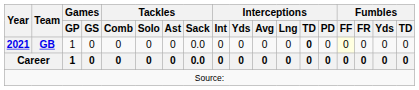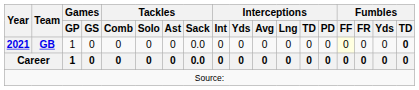 <table class="wikitable" style="text-align:center;">
 <tr>
 <th rowspan="2">Year</th>
 <th rowspan="2">Team</th>
 <th colspan="2">Games</th>
 <th colspan="4">Tackles</th>
 <th colspan="6">Interceptions</th>
 <th colspan="4">Fumbles</th>
 </tr>
 <tr>
 <th>GP</th>
 <th>GS</th>
 <th>Comb</th>
 <th>Solo</th>
 <th>Ast</th>
 <th>Sack</th>
 <th>Int</th>
 <th>Yds</th>
 <th>Avg</th>
 <th>Lng</th>
 <th>TD</th>
 <th>PD</th>
 <th>FF</th>
 <th>FR</th>
 <th>Yds</th>
 <th>TD</th>
 </tr>
 <tr>
 <th><a href='#'>2021</a></th>
 <th><a href='#'>GB</a></th>
 <td>1</td>
 <td>0</td>
 <td>0</td>
 <td>0</td>
 <td>0</td>
 <td>0.0</td>
 <td>0</td>
 <td>0</td>
 <td>0</td>
 <td>0</td>
-<td><strong>0</strong></td>
+<td>0</td>
 <td>0</td>
 <td style="background: lightyellow;">0</td>
 <td>0</td>
 <td>0</td>
-<td>0</td>
+<td><strong>0</strong></td>
 </tr>
 <tr>
 <th colspan="2">Career</th>
 <th>1</th>
 <th>0</th>
 <th>0</th>
 <th>0</th>
 <th>0</th>
 <th>0.0</th>
 <th>0</th>
 <th>0</th>
 <th>0</th>
 <th>0</th>
 <th>0</th>
 <th>0</th>
 <th>0</th>
 <th>0</th>
 <th>0</th>
 <th>0</th>
 </tr>
 <tr>
 <td colspan="18"><small>Source: </small></td>
 </tr>
 </table>
